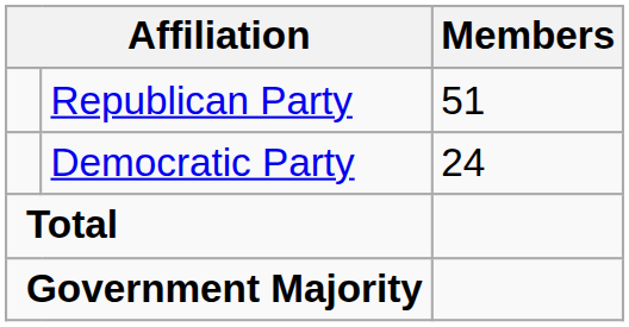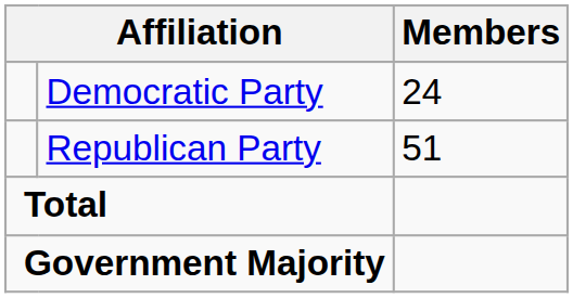 <table class="wikitable">
 <tr>
 <th colspan="2">Affiliation</th>
 <th>Members</th>
 </tr>
 <tr>
 <td style="background-color:"> </td>
-<td><a href='#'>Republican Party</a></td>
-<td>51</td>
+<td><a href='#'>Democratic Party</a></td>
+<td>24</td>
 </tr>
 <tr>
 <td style="background-color:"> </td>
-<td><a href='#'>Democratic Party</a></td>
-<td>24</td>
+<td><a href='#'>Republican Party</a></td>
+<td>51</td>
 </tr>
 <tr>
 <td colspan="2" rowspan="1"> <strong>Total</strong><br></td>
 <td></td>
 </tr>
 <tr>
 <td colspan="2" rowspan="1"> <strong>Government Majority</strong><br></td>
 <td></td>
 </tr>
 </table>
